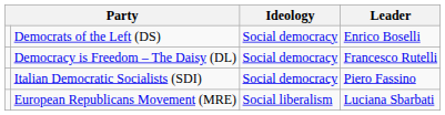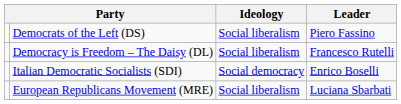 <table class=wikitable style=text-align:left>
 <tr>
 <th colspan=2>Party</th>
 <th>Ideology</th>
 <th>Leader</th>
 </tr>
 <tr>
 <td></td>
 <td><a href='#'>Democrats of the Left</a> (DS)</td>
-<td><a href='#'>Social democracy</a></td>
-<td><a href='#'>Enrico Boselli</a></td>
+<td><a href='#'>Social liberalism</a></td>
+<td><a href='#'>Piero Fassino</a></td>
 </tr>
 <tr>
 <td></td>
 <td><a href='#'>Democracy is Freedom – The Daisy</a> (DL)</td>
-<td><a href='#'>Social democracy</a></td>
+<td><a href='#'>Social liberalism</a></td>
 <td><a href='#'>Francesco Rutelli</a></td>
 </tr>
 <tr>
 <td></td>
 <td><a href='#'>Italian Democratic Socialists</a> (SDI)</td>
 <td><a href='#'>Social democracy</a></td>
-<td><a href='#'>Piero Fassino</a></td>
+<td><a href='#'>Enrico Boselli</a></td>
 </tr>
 <tr>
 <td></td>
 <td><a href='#'>European Republicans Movement</a> (MRE)</td>
 <td><a href='#'>Social liberalism</a></td>
 <td><a href='#'>Luciana Sbarbati</a></td>
 </tr>
 </table>
